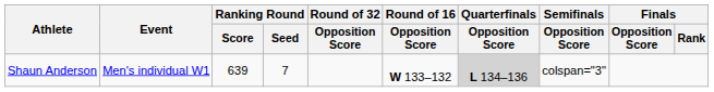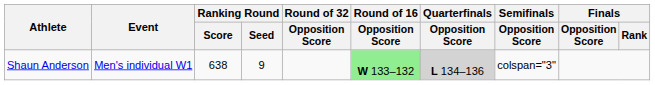 <table class="wikitable" style="text-align: center; font-size:90%">
 <tr>
 <th rowspan="2">Athlete</th>
 <th rowspan="2">Event</th>
 <th colspan="2">Ranking Round</th>
 <th>Round of 32</th>
 <th>Round of 16</th>
 <th>Quarterfinals</th>
 <th>Semifinals</th>
 <th colspan="2">Finals</th>
 </tr>
 <tr style="font-size:95%">
 <th>Score</th>
 <th>Seed</th>
 <th>Opposition<br>Score</th>
 <th>Opposition<br>Score</th>
 <th>Opposition<br>Score</th>
 <th>Opposition<br>Score</th>
 <th>Opposition<br>Score</th>
 <th>Rank</th>
 </tr>
 <tr>
 <td align=left><a href='#'>Shaun Anderson</a></td>
 <td align=left><a href='#'>Men's individual W1</a></td>
-<td>639</td>
-<td>7</td>
+<td>638</td>
+<td>9</td>
 <td></td>
-<td><br><strong>W</strong> 133–132</td>
+<td style="background: lightgreen;"><br><strong>W</strong> 133–132</td>
 <td style="background: lightgrey;"><br><strong>L</strong> 134–136</td>
 <td>colspan="3" </td>
 </tr>
 </table>
